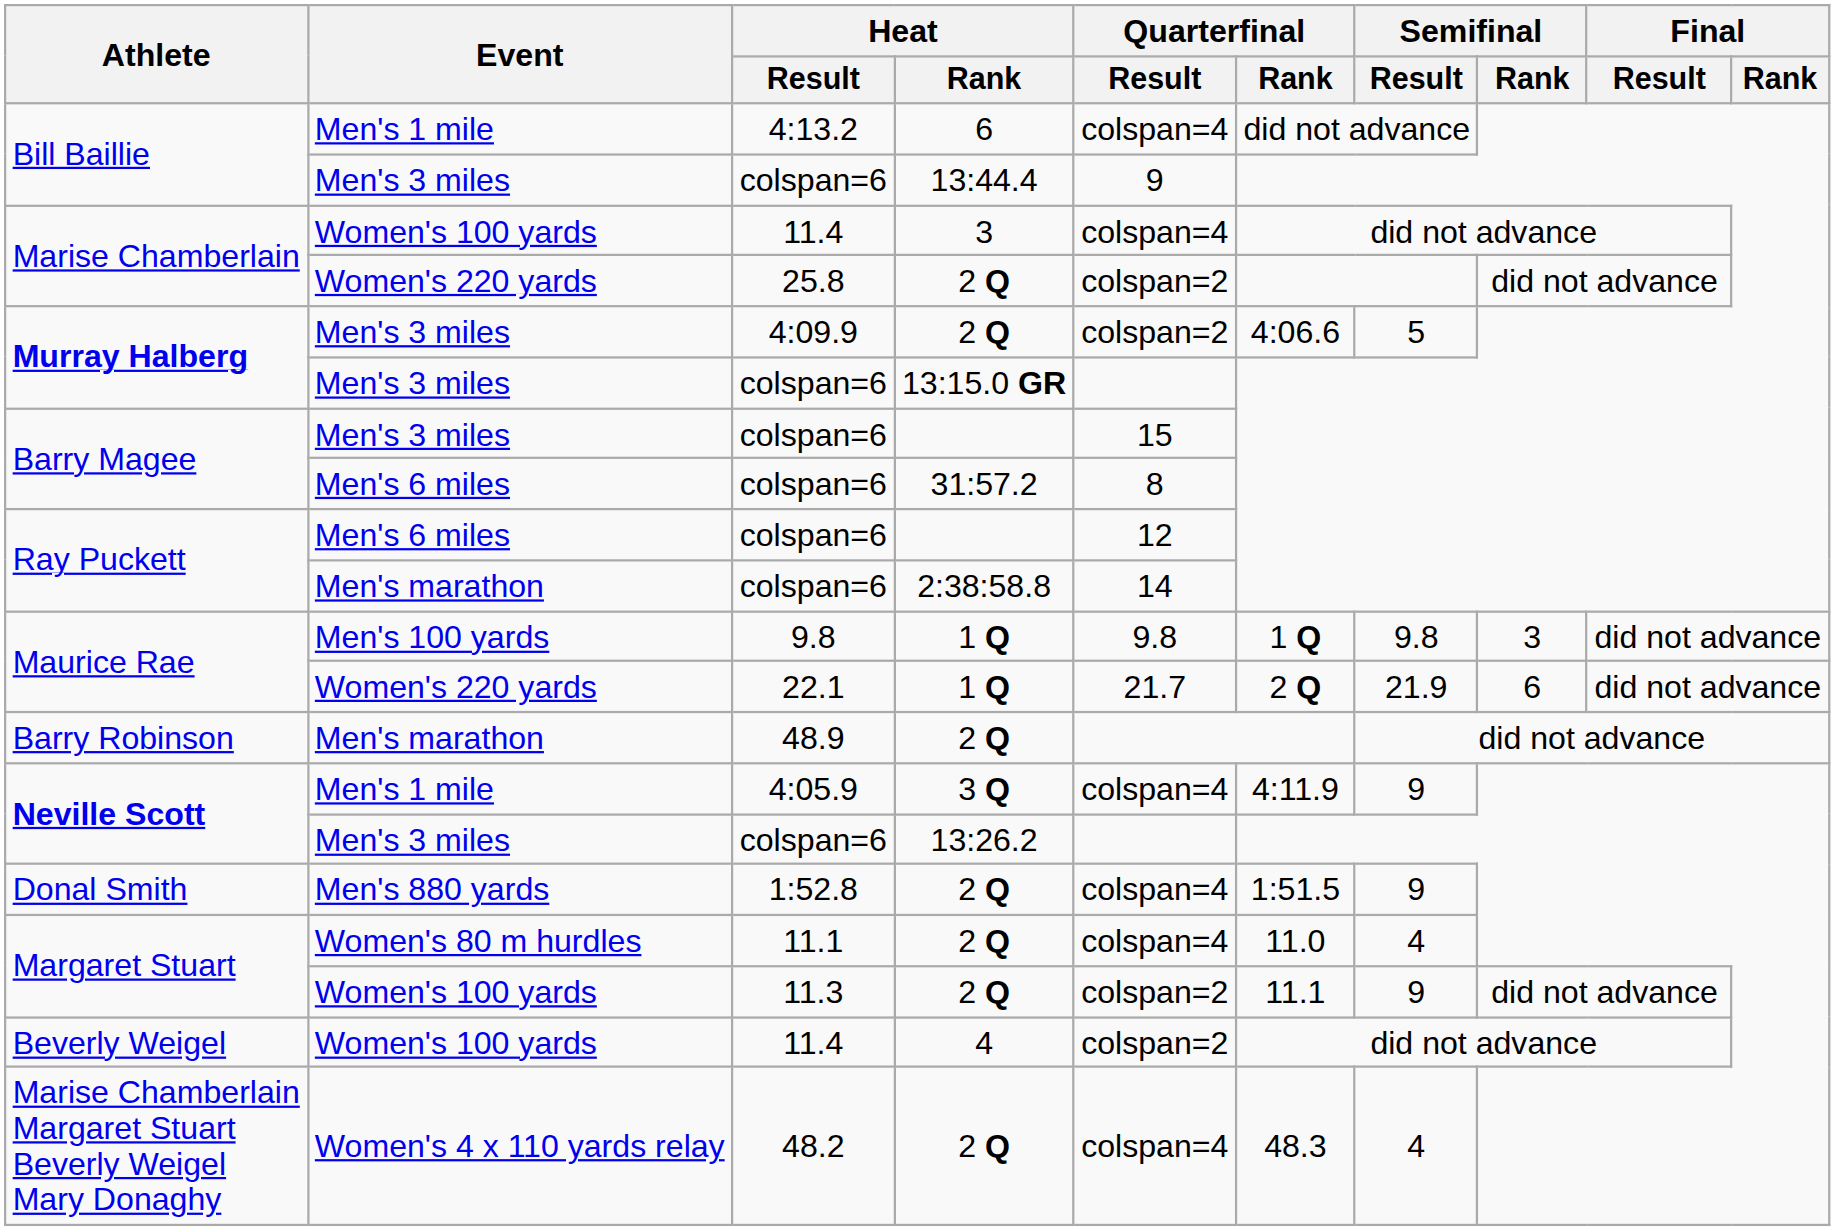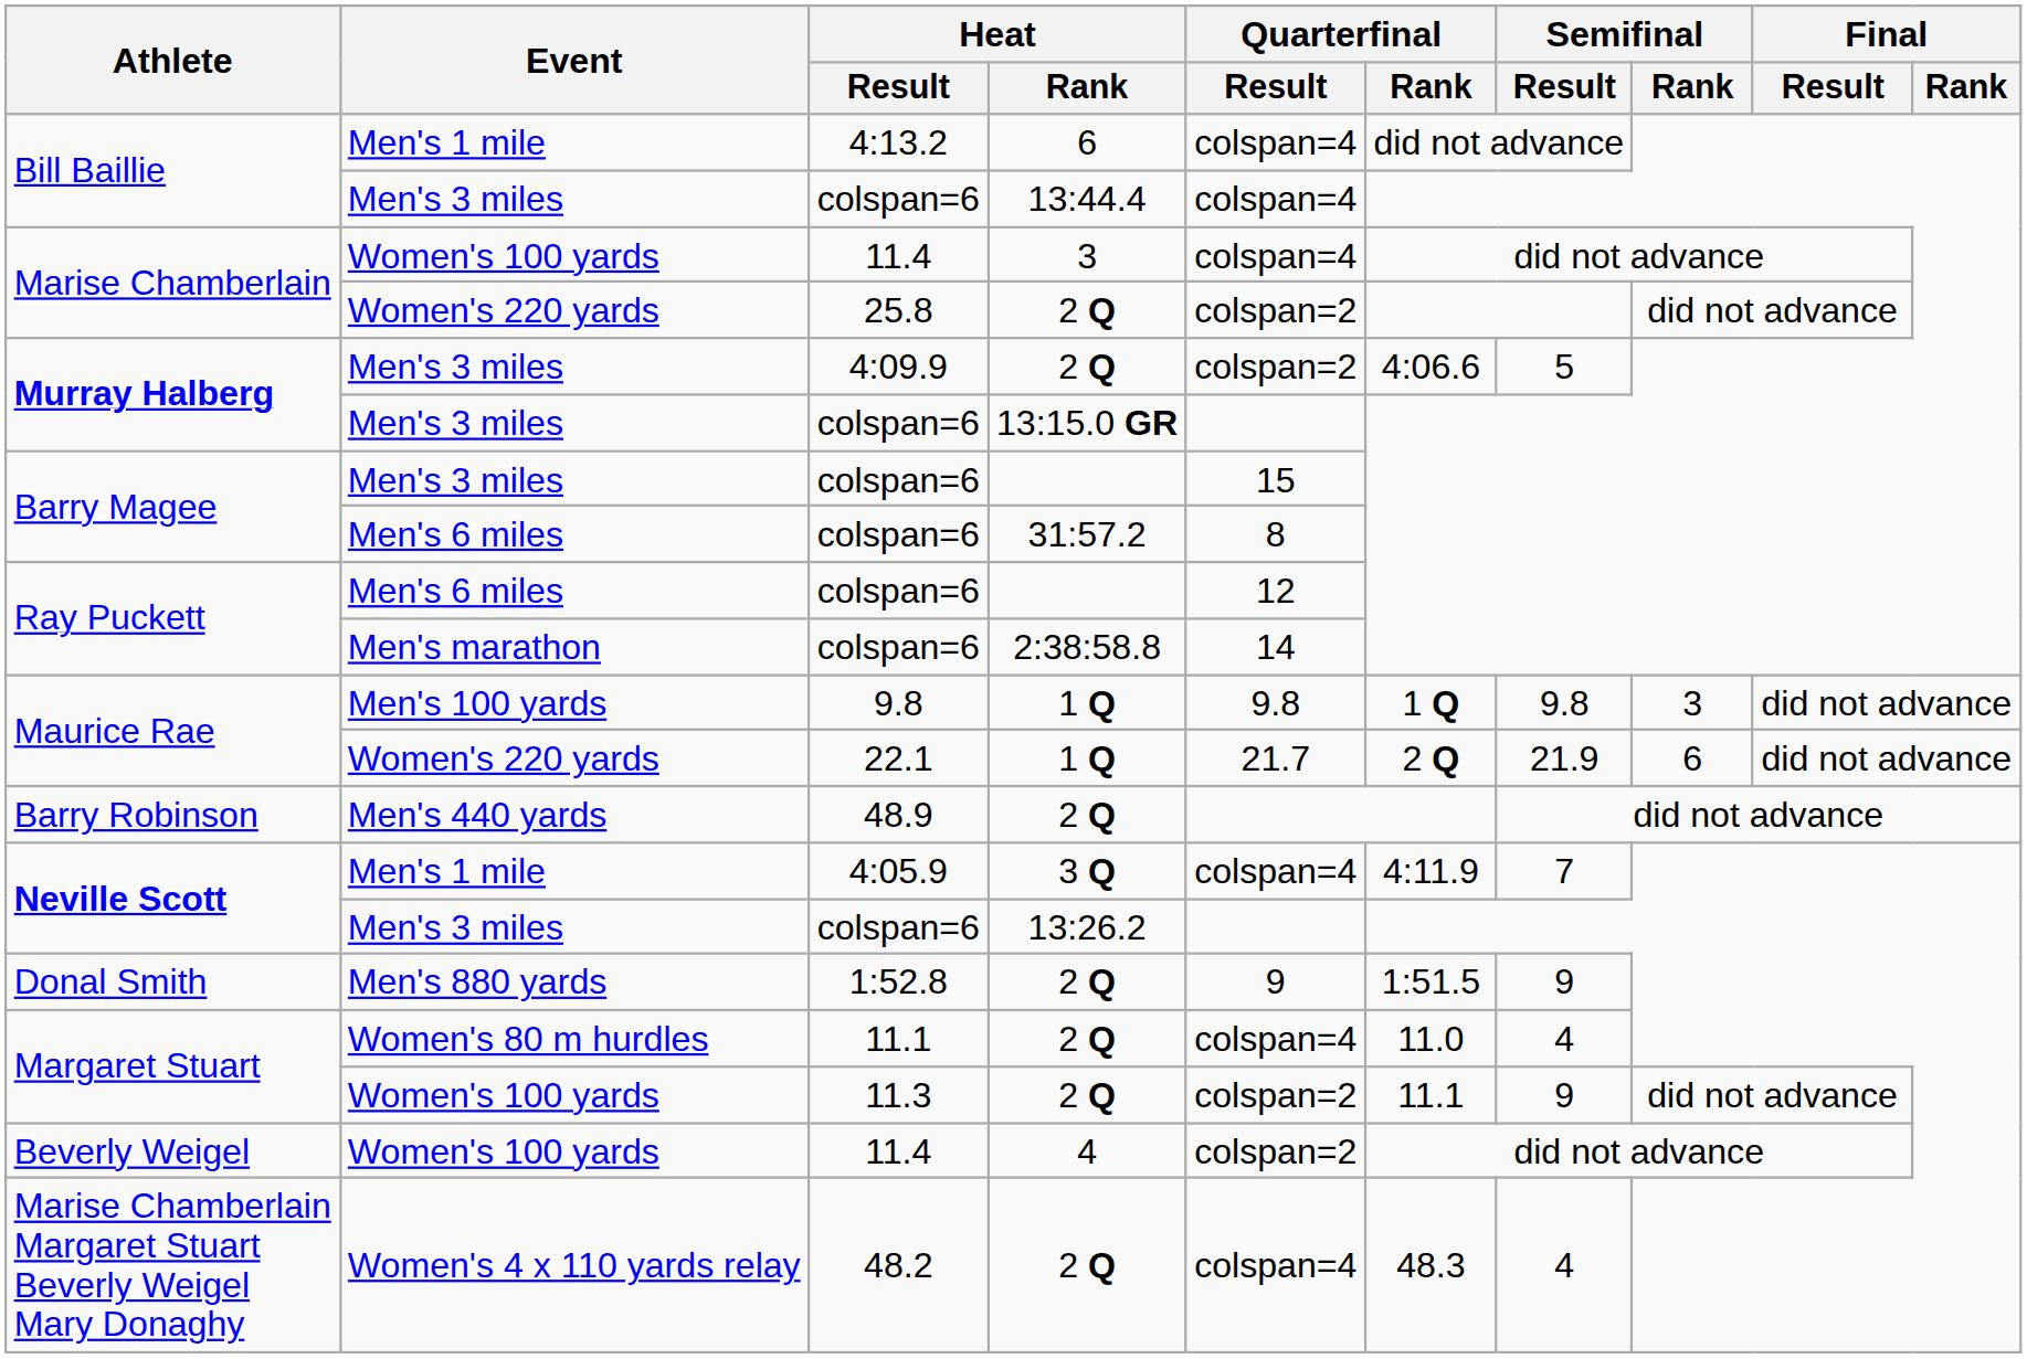 <table class=wikitable style=font-size:90%>
 <tr>
 <th rowspan=2>Athlete</th>
 <th rowspan=2>Event</th>
 <th colspan=2>Heat</th>
 <th colspan=2>Quarterfinal</th>
 <th colspan=2>Semifinal</th>
 <th colspan=2>Final</th>
 </tr>
 <tr style=font-size:95%>
 <th>Result</th>
 <th>Rank</th>
 <th>Result</th>
 <th>Rank</th>
 <th>Result</th>
 <th>Rank</th>
 <th>Result</th>
 <th>Rank</th>
 </tr>
 <tr align=center>
 <td align=left rowspan=2><a href='#'>Bill Baillie</a></td>
 <td align=left><a href='#'>Men's 1 mile</a></td>
 <td>4:13.2</td>
 <td>6</td>
 <td>colspan=4 </td>
 <td colspan=2>did not advance</td>
 </tr>
 <tr align=center>
 <td align=left><a href='#'>Men's 3 miles</a></td>
 <td>colspan=6 </td>
 <td>13:44.4</td>
-<td>9</td>
+<td>colspan=4 </td>
 </tr>
 <tr align=center>
 <td align=left rowspan=2><a href='#'>Marise Chamberlain</a></td>
 <td align=left><a href='#'>Women's 100 yards</a></td>
 <td>11.4</td>
 <td>3</td>
 <td>colspan=4 </td>
 <td colspan=4>did not advance</td>
 </tr>
 <tr align=center>
 <td align=left><a href='#'>Women's 220 yards</a></td>
 <td>25.8</td>
 <td>2 <strong>Q</strong></td>
 <td>colspan=2 </td>
 <td colspan=2></td>
 <td colspan=2>did not advance</td>
 </tr>
 <tr align=center>
 <td align=left rowspan=2><strong><a href='#'>Murray Halberg</a></strong></td>
 <td align=left><a href='#'>Men's 3 miles</a></td>
 <td>4:09.9</td>
 <td>2 <strong>Q</strong></td>
 <td>colspan=2 </td>
 <td>4:06.6</td>
 <td>5</td>
 </tr>
 <tr align=center>
 <td align=left><a href='#'>Men's 3 miles</a></td>
 <td>colspan=6 </td>
 <td>13:15.0 <strong>GR</strong></td>
 <td></td>
 </tr>
 <tr align=center>
 <td align=left rowspan=2><a href='#'>Barry Magee</a></td>
 <td align=left><a href='#'>Men's 3 miles</a></td>
 <td>colspan=6 </td>
 <td></td>
 <td>15</td>
 </tr>
 <tr align=center>
 <td align=left><a href='#'>Men's 6 miles</a></td>
 <td>colspan=6 </td>
 <td>31:57.2</td>
 <td>8</td>
 </tr>
 <tr align=center>
 <td align=left rowspan=2><a href='#'>Ray Puckett</a></td>
 <td align=left><a href='#'>Men's 6 miles</a></td>
 <td>colspan=6 </td>
 <td></td>
 <td>12</td>
 </tr>
 <tr align=center>
 <td align=left><a href='#'>Men's marathon</a></td>
 <td>colspan=6 </td>
 <td>2:38:58.8</td>
 <td>14</td>
 </tr>
 <tr align=center>
 <td align=left rowspan=2><a href='#'>Maurice Rae</a></td>
 <td align=left><a href='#'>Men's 100 yards</a></td>
 <td>9.8</td>
 <td>1 <strong>Q</strong></td>
 <td>9.8</td>
 <td>1 <strong>Q</strong></td>
 <td>9.8</td>
 <td>3</td>
 <td colspan=2>did not advance</td>
 </tr>
 <tr align=center>
 <td align=left><a href='#'>Women's 220 yards</a></td>
 <td>22.1</td>
 <td>1 <strong>Q</strong></td>
 <td>21.7</td>
 <td>2 <strong>Q</strong></td>
 <td>21.9</td>
 <td>6</td>
 <td colspan=2>did not advance</td>
 </tr>
 <tr align=center>
 <td align=left><a href='#'>Barry Robinson</a></td>
-<td align=left><a href='#'>Men's marathon</a></td>
+<td align=left><a href='#'>Men's 440 yards</a></td>
 <td>48.9</td>
 <td>2 <strong>Q</strong></td>
 <td colspan=2></td>
 <td colspan=4>did not advance</td>
 </tr>
 <tr align=center>
 <td align=left rowspan=2><strong><a href='#'>Neville Scott</a></strong></td>
 <td align=left><a href='#'>Men's 1 mile</a></td>
 <td>4:05.9</td>
 <td>3 <strong>Q</strong></td>
 <td>colspan=4 </td>
 <td>4:11.9</td>
-<td>9</td>
+<td>7</td>
 </tr>
 <tr align=center>
 <td align=left><a href='#'>Men's 3 miles</a></td>
 <td>colspan=6 </td>
 <td>13:26.2</td>
 <td></td>
 </tr>
 <tr align=center>
 <td align=left><a href='#'>Donal Smith</a></td>
 <td align=left><a href='#'>Men's 880 yards</a></td>
 <td>1:52.8</td>
 <td>2 <strong>Q</strong></td>
-<td>colspan=4 </td>
+<td>9</td>
 <td>1:51.5</td>
 <td>9</td>
 </tr>
 <tr align=center>
 <td align=left rowspan=2><a href='#'>Margaret Stuart</a></td>
 <td align=left><a href='#'>Women's 80 m hurdles</a></td>
 <td>11.1</td>
 <td>2 <strong>Q</strong></td>
 <td>colspan=4 </td>
 <td>11.0</td>
 <td>4</td>
 </tr>
 <tr align=center>
 <td align=left><a href='#'>Women's 100 yards</a></td>
 <td>11.3</td>
 <td>2 <strong>Q</strong></td>
 <td>colspan=2 </td>
 <td>11.1</td>
 <td>9</td>
 <td colspan=2>did not advance</td>
 </tr>
 <tr align=center>
 <td align=left><a href='#'>Beverly Weigel</a></td>
 <td align=left><a href='#'>Women's 100 yards</a></td>
 <td>11.4</td>
 <td>4</td>
 <td>colspan=2 </td>
 <td colspan=4>did not advance</td>
 </tr>
 <tr align=center>
 <td align=left><a href='#'>Marise Chamberlain</a><br><a href='#'>Margaret Stuart</a><br><a href='#'>Beverly Weigel</a><br><a href='#'>Mary Donaghy</a></td>
 <td align=left><a href='#'>Women's 4 x 110 yards relay</a></td>
 <td>48.2</td>
 <td>2 <strong>Q</strong></td>
 <td>colspan=4 </td>
 <td>48.3</td>
 <td>4</td>
 </tr>
 </table>
